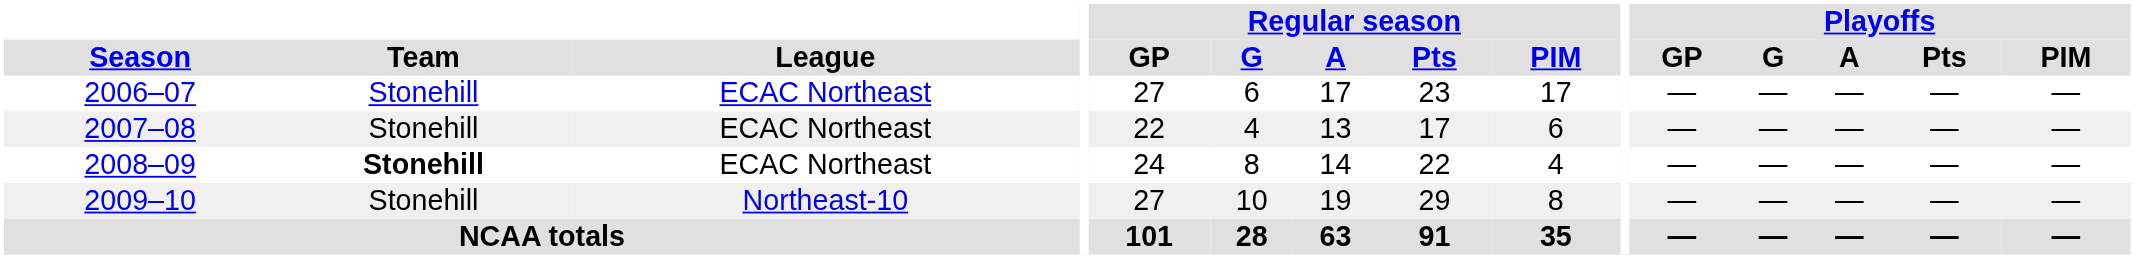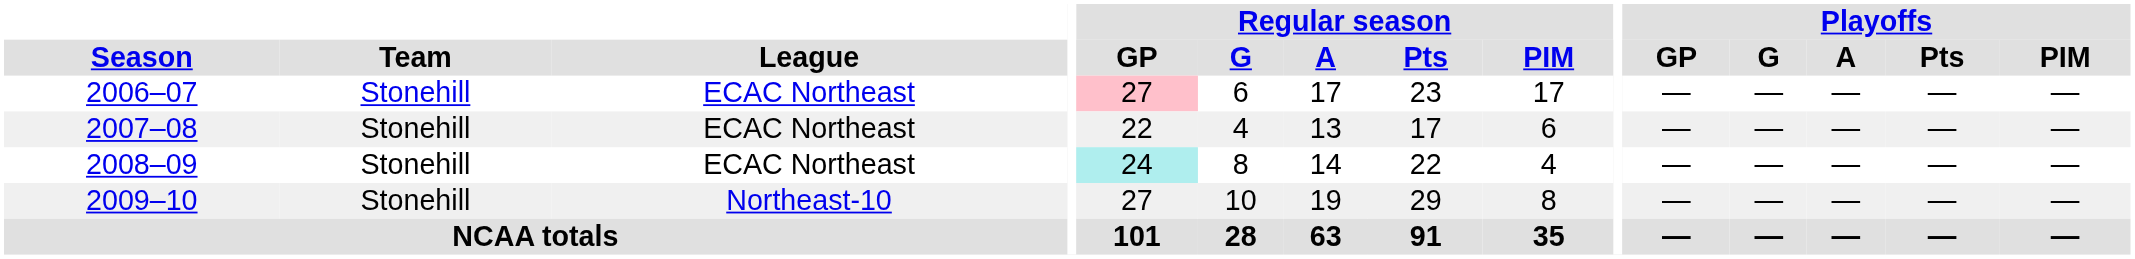 <table border="0" cellpadding="1" cellspacing="0" style="text-align:center; width:75%">
 <tr bgcolor="#e0e0e0">
 <th colspan="3" bgcolor="#ffffff"></th>
 <th rowspan="99" bgcolor="#ffffff"></th>
 <th colspan="5"><a href='#'>Regular season</a></th>
 <th rowspan="99" bgcolor="#ffffff"></th>
 <th colspan="5"><a href='#'>Playoffs</a></th>
 </tr>
 <tr bgcolor="#e0e0e0">
 <th><a href='#'>Season</a></th>
 <th>Team</th>
 <th>League</th>
 <th>GP</th>
 <th><a href='#'>G</a></th>
 <th><a href='#'>A</a></th>
 <th><a href='#'>Pts</a></th>
 <th><a href='#'>PIM</a></th>
 <th>GP</th>
 <th>G</th>
 <th>A</th>
 <th>Pts</th>
 <th>PIM</th>
 </tr>
 <tr ALIGN="center">
 <td><a href='#'>2006–07</a></td>
 <td><a href='#'>Stonehill</a></td>
 <td><a href='#'>ECAC Northeast</a></td>
-<td>27</td>
+<td style="background: pink;">27</td>
 <td>6</td>
 <td>17</td>
 <td>23</td>
 <td>17</td>
 <td>—</td>
 <td>—</td>
 <td>—</td>
 <td>—</td>
 <td>—</td>
 </tr>
 <tr ALIGN="center" bgcolor="#f0f0f0">
 <td><a href='#'>2007–08</a></td>
 <td>Stonehill</td>
 <td>ECAC Northeast</td>
 <td>22</td>
 <td>4</td>
 <td>13</td>
 <td>17</td>
 <td>6</td>
 <td>—</td>
 <td>—</td>
 <td>—</td>
 <td>—</td>
 <td>—</td>
 </tr>
 <tr ALIGN="center">
 <td><a href='#'>2008–09</a></td>
-<td><strong>Stonehill</strong></td>
+<td>Stonehill</td>
 <td>ECAC Northeast</td>
-<td>24</td>
+<td style="background: paleturquoise;">24</td>
 <td>8</td>
 <td>14</td>
 <td>22</td>
 <td>4</td>
 <td>—</td>
 <td>—</td>
 <td>—</td>
 <td>—</td>
 <td>—</td>
 </tr>
 <tr ALIGN="center" bgcolor="#f0f0f0">
 <td><a href='#'>2009–10</a></td>
 <td>Stonehill</td>
 <td><a href='#'>Northeast-10</a></td>
 <td>27</td>
 <td>10</td>
 <td>19</td>
 <td>29</td>
 <td>8</td>
 <td>—</td>
 <td>—</td>
 <td>—</td>
 <td>—</td>
 <td>—</td>
 </tr>
 <tr bgcolor="#e0e0e0">
 <th colspan="3">NCAA totals</th>
 <th>101</th>
 <th>28</th>
 <th>63</th>
 <th>91</th>
 <th>35</th>
 <th>—</th>
 <th>—</th>
 <th>—</th>
 <th>—</th>
 <th>—</th>
 </tr>
 </table>
